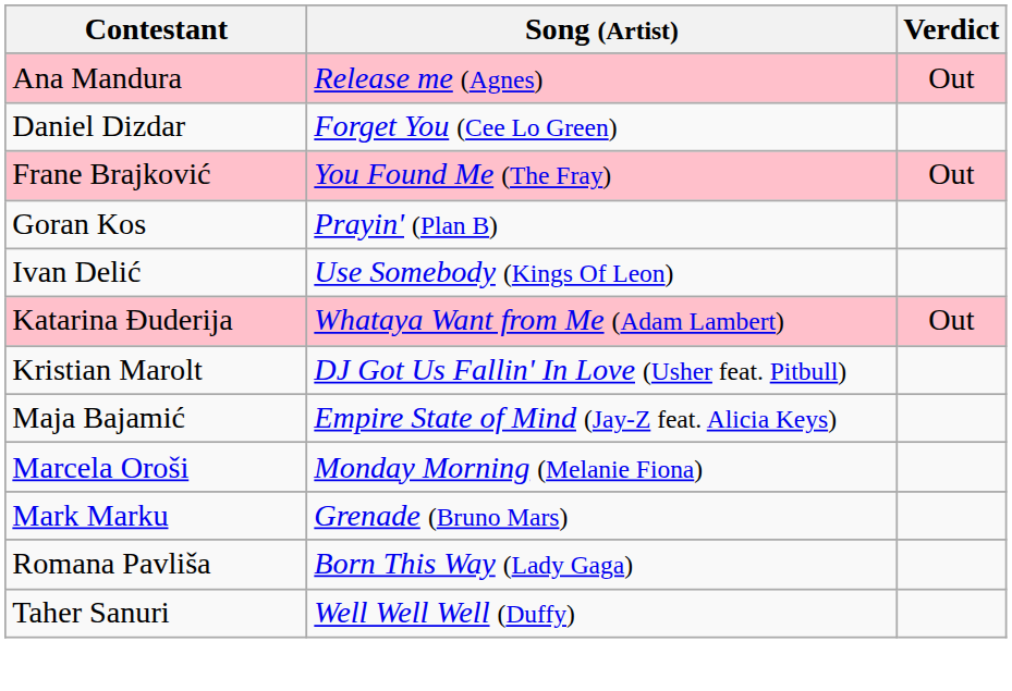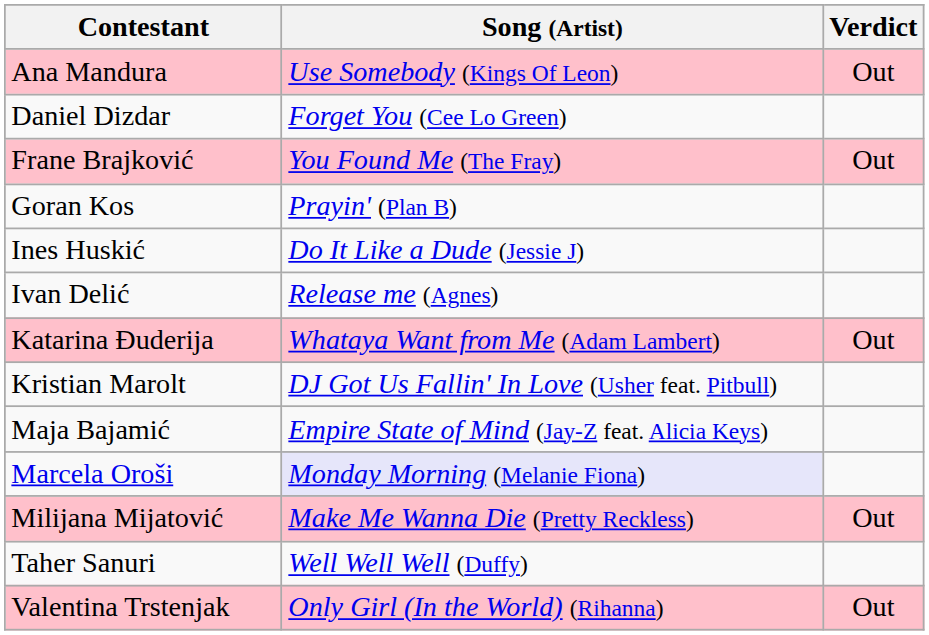 <table class="wikitable">
 <tr>
 <th width="150">Contestant</th>
 <th width="300">Song <small>(Artist)</small></th>
 <th width="28">Verdict</th>
 </tr>
 <tr bgcolor="pink">
 <td align="left">Ana Mandura</td>
-<td align="left"><em><a href='#'>Release me</a></em> <small>(<a href='#'>Agnes</a>)</small></td>
+<td align="left"><em><a href='#'>Use Somebody</a></em> <small>(<a href='#'>Kings Of Leon</a>)</small></td>
 <td align="center">Out</td>
 </tr>
 <tr>
 <td align="left">Daniel Dizdar</td>
 <td align="left"><em><a href='#'>Forget You</a></em> <small>(<a href='#'>Cee Lo Green</a>)</small></td>
 <td align="center"></td>
 </tr>
 <tr bgcolor="pink">
 <td align="left">Frane Brajković</td>
 <td align="left"><em><a href='#'>You Found Me</a></em> <small>(<a href='#'>The Fray</a>)</small></td>
 <td align="center">Out</td>
 </tr>
 <tr>
 <td align="left">Goran Kos</td>
 <td align="left"><em><a href='#'>Prayin'</a></em> <small>(<a href='#'>Plan B</a>)</small></td>
 <td align="center"></td>
 </tr>
 <tr>
+<td align="left">Ines Huskić</td>
+<td align="left"><em><a href='#'>Do It Like a Dude</a></em> <small>(<a href='#'>Jessie J</a>)</small></td>
+<td align="center"></td>
+</tr>
+<tr>
 <td align="left">Ivan Delić</td>
-<td align="left"><em><a href='#'>Use Somebody</a></em> <small>(<a href='#'>Kings Of Leon</a>)</small></td>
+<td align="left"><em><a href='#'>Release me</a></em> <small>(<a href='#'>Agnes</a>)</small></td>
 <td align="center"></td>
 </tr>
 <tr bgcolor="pink">
 <td align="left">Katarina Đuderija</td>
 <td align="left"><em><a href='#'>Whataya Want from Me</a></em> <small>(<a href='#'>Adam Lambert</a>)</small></td>
 <td align="center">Out</td>
 </tr>
 <tr>
 <td align="left">Kristian Marolt</td>
 <td align="left"><em><a href='#'>DJ Got Us Fallin' In Love</a></em> <small>(<a href='#'>Usher</a> feat. <a href='#'>Pitbull</a>)</small></td>
 <td align="center"></td>
 </tr>
 <tr>
 <td align="left">Maja Bajamić</td>
 <td align="left"><em><a href='#'>Empire State of Mind</a></em> <small>(<a href='#'>Jay-Z</a> feat. <a href='#'>Alicia Keys</a>)</small></td>
 <td align="center"></td>
 </tr>
 <tr>
 <td align="left"><a href='#'>Marcela Oroši</a></td>
-<td align="left"><em><a href='#'>Monday Morning</a></em> <small>(<a href='#'>Melanie Fiona</a>)</small></td>
+<td align="left" style="background: lavender;"><em><a href='#'>Monday Morning</a></em> <small>(<a href='#'>Melanie Fiona</a>)</small></td>
 <td align="center"></td>
 </tr>
-<tr>
-<td align="left"><a href='#'>Mark Marku</a></td>
-<td align="left"><em><a href='#'>Grenade</a></em> <small>(<a href='#'>Bruno Mars</a>)</small></td>
-<td align="center"></td>
-</tr>
-<tr>
-<td align="left">Romana Pavliša</td>
-<td align="left"><em><a href='#'>Born This Way</a></em> <small>(<a href='#'>Lady Gaga</a>)</small></td>
-<td align="center"></td>
+<tr bgcolor="pink">
+<td align="left">Milijana Mijatović</td>
+<td align="left"><em><a href='#'>Make Me Wanna Die</a></em> <small>(<a href='#'>Pretty Reckless</a>)</small></td>
+<td align="center">Out</td>
 </tr>
 <tr>
 <td align="left">Taher Sanuri</td>
 <td align="left"><em><a href='#'>Well Well Well</a></em> <small>(<a href='#'>Duffy</a>)</small></td>
 <td align="center"></td>
 </tr>
+<tr bgcolor="pink">
+<td align="left">Valentina Trstenjak</td>
+<td align="left"><em><a href='#'>Only Girl (In the World)</a></em> <small>(<a href='#'>Rihanna</a>)</small></td>
+<td align="center">Out</td>
+</tr>
 </table>
